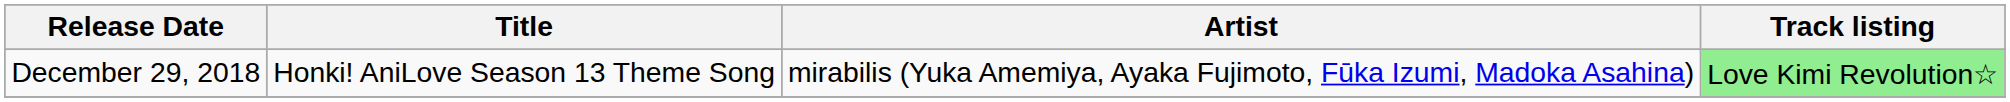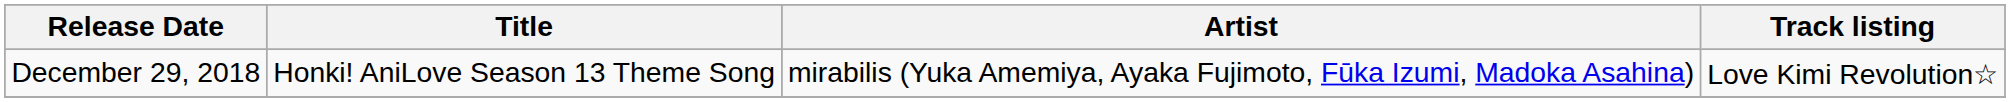 <table class="wikitable sortable">
 <tr>
 <th>Release Date</th>
 <th>Title</th>
 <th>Artist</th>
 <th>Track listing</th>
 </tr>
 <tr>
 <td>December 29, 2018</td>
 <td>Honki! AniLove Season 13 Theme Song</td>
 <td>mirabilis (Yuka Amemiya, Ayaka Fujimoto, <a href='#'>Fūka Izumi</a>, <a href='#'>Madoka Asahina</a>)</td>
-<td style="background: lightgreen;">Love Kimi Revolution☆</td>
+<td>Love Kimi Revolution☆</td>
 </tr>
 <tr>
 </tr>
 </table>
